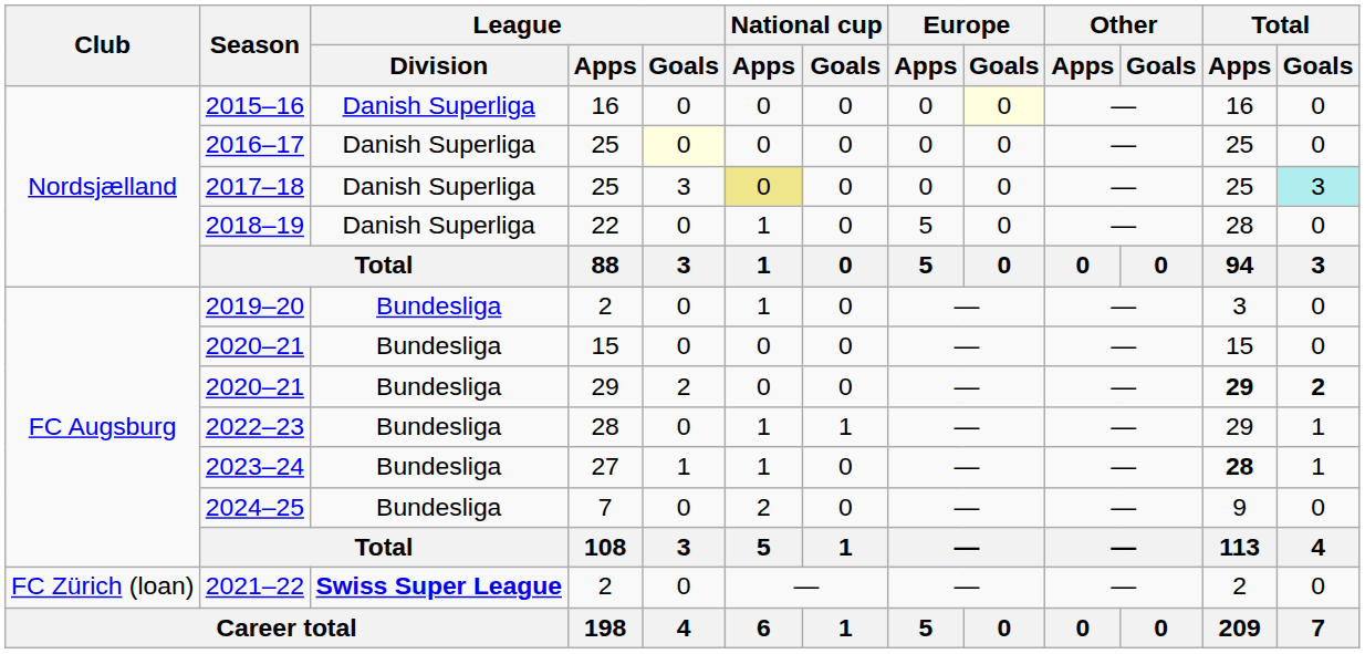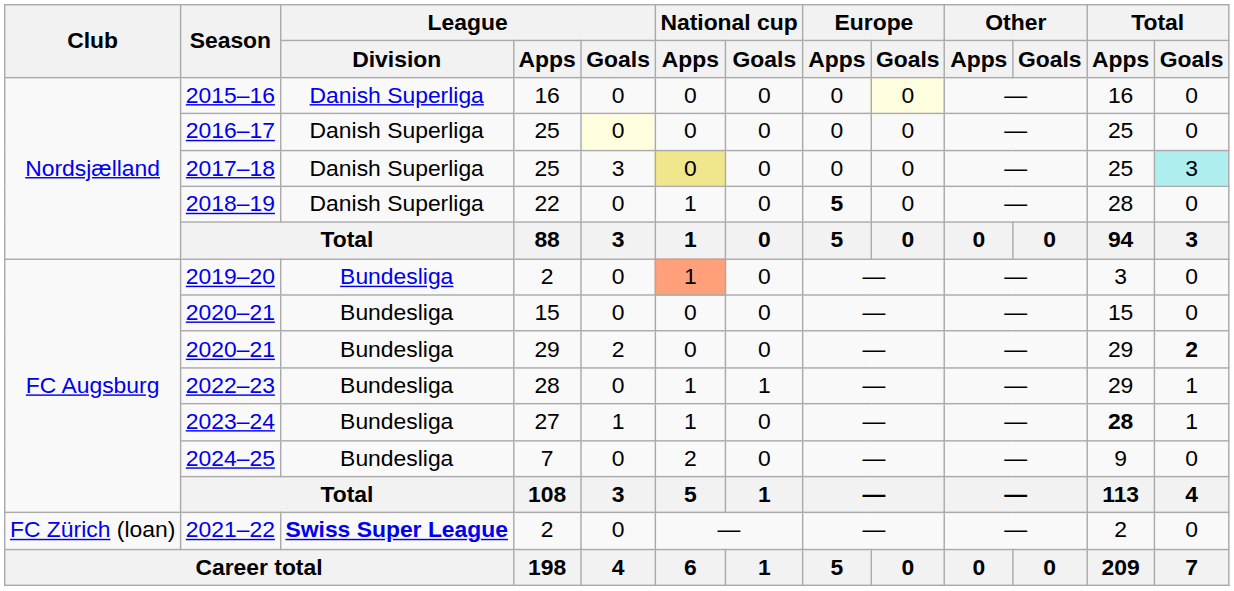 <table class="wikitable" style="text-align:center">
 <tr>
 <th rowspan="2">Club</th>
 <th rowspan="2">Season</th>
 <th colspan="3">League</th>
 <th colspan="2">National cup</th>
 <th colspan="2">Europe</th>
 <th colspan="2">Other</th>
 <th colspan="2">Total</th>
 </tr>
 <tr>
 <th>Division</th>
 <th>Apps</th>
 <th>Goals</th>
 <th>Apps</th>
 <th>Goals</th>
 <th>Apps</th>
 <th>Goals</th>
 <th>Apps</th>
 <th>Goals</th>
 <th>Apps</th>
 <th>Goals</th>
 </tr>
 <tr>
 <td rowspan="5"><a href='#'>Nordsjælland</a></td>
 <td><a href='#'>2015–16</a></td>
 <td><a href='#'>Danish Superliga</a></td>
 <td>16</td>
 <td>0</td>
 <td>0</td>
 <td>0</td>
 <td>0</td>
 <td style="background: lightyellow;">0</td>
 <td colspan="2">—</td>
 <td>16</td>
 <td>0</td>
 </tr>
 <tr>
 <td><a href='#'>2016–17</a></td>
 <td>Danish Superliga</td>
 <td>25</td>
 <td style="background: lightyellow;">0</td>
 <td>0</td>
 <td>0</td>
 <td>0</td>
 <td>0</td>
 <td colspan="2">—</td>
 <td>25</td>
 <td>0</td>
 </tr>
 <tr>
 <td><a href='#'>2017–18</a></td>
 <td>Danish Superliga</td>
 <td>25</td>
 <td>3</td>
 <td style="background: khaki;">0</td>
 <td>0</td>
 <td>0</td>
 <td>0</td>
 <td colspan="2">—</td>
 <td>25</td>
 <td style="background: paleturquoise;">3</td>
 </tr>
 <tr>
 <td><a href='#'>2018–19</a></td>
 <td>Danish Superliga</td>
 <td>22</td>
 <td>0</td>
 <td>1</td>
 <td>0</td>
-<td>5</td>
+<td><strong>5</strong></td>
 <td>0</td>
 <td colspan="2">—</td>
 <td>28</td>
 <td>0</td>
 </tr>
 <tr>
 <th colspan="2">Total</th>
 <th>88</th>
 <th>3</th>
 <th>1</th>
 <th>0</th>
 <th>5</th>
 <th>0</th>
 <th>0</th>
 <th>0</th>
 <th>94</th>
 <th>3</th>
 </tr>
 <tr>
 <td rowspan="7"><a href='#'>FC Augsburg</a></td>
 <td><a href='#'>2019–20</a></td>
 <td><a href='#'>Bundesliga</a></td>
 <td>2</td>
 <td>0</td>
-<td>1</td>
+<td style="background: lightsalmon;">1</td>
 <td>0</td>
 <td colspan="2">—</td>
 <td colspan="2">—</td>
 <td>3</td>
 <td>0</td>
 </tr>
 <tr>
 <td><a href='#'>2020–21</a></td>
 <td>Bundesliga</td>
 <td>15</td>
 <td>0</td>
 <td>0</td>
 <td>0</td>
 <td colspan="2">—</td>
 <td colspan="2">—</td>
 <td>15</td>
 <td>0</td>
 </tr>
 <tr>
 <td><a href='#'>2020–21</a></td>
 <td>Bundesliga</td>
 <td>29</td>
 <td>2</td>
 <td>0</td>
 <td>0</td>
 <td colspan="2">—</td>
 <td colspan="2">—</td>
-<td><strong>29</strong></td>
+<td>29</td>
 <td><strong>2</strong></td>
 </tr>
 <tr>
 <td><a href='#'>2022–23</a></td>
 <td>Bundesliga</td>
 <td>28</td>
 <td>0</td>
 <td>1</td>
 <td>1</td>
 <td colspan="2">—</td>
 <td colspan="2">—</td>
 <td>29</td>
 <td>1</td>
 </tr>
 <tr>
 <td><a href='#'>2023–24</a></td>
 <td>Bundesliga</td>
 <td>27</td>
 <td>1</td>
 <td>1</td>
 <td>0</td>
 <td colspan="2">—</td>
 <td colspan="2">—</td>
 <td><strong>28</strong></td>
 <td>1</td>
 </tr>
 <tr>
 <td><a href='#'>2024–25</a></td>
 <td>Bundesliga</td>
 <td>7</td>
 <td>0</td>
 <td>2</td>
 <td>0</td>
 <td colspan="2">—</td>
 <td colspan="2">—</td>
 <td>9</td>
 <td>0</td>
 </tr>
 <tr>
 <th colspan="2">Total</th>
 <th>108</th>
 <th>3</th>
 <th>5</th>
 <th>1</th>
 <th colspan="2">—</th>
 <th colspan="2">—</th>
 <th>113</th>
 <th>4</th>
 </tr>
 <tr>
 <td><a href='#'>FC Zürich</a> (loan)</td>
 <td><a href='#'>2021–22</a></td>
 <td><strong><a href='#'>Swiss Super League</a></strong></td>
 <td>2</td>
 <td>0</td>
 <td colspan="2">—</td>
 <td colspan="2">—</td>
 <td colspan="2">—</td>
 <td>2</td>
 <td>0</td>
 </tr>
 <tr>
 <th colspan="3">Career total</th>
 <th>198</th>
 <th>4</th>
 <th>6</th>
 <th>1</th>
 <th>5</th>
 <th>0</th>
 <th>0</th>
 <th>0</th>
 <th>209</th>
 <th>7</th>
 </tr>
 </table>
